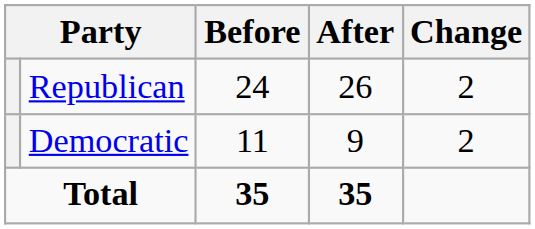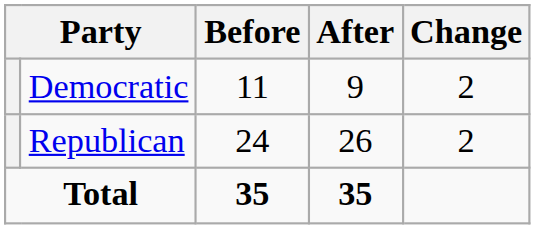 <table class="wikitable" style="text-align:center;">
 <tr>
 <th colspan="2">Party</th>
 <th>Before</th>
 <th>After</th>
 <th>Change</th>
 </tr>
 <tr>
 <th style="background-color:"></th>
-<td style="text-align:left;"><a href='#'>Republican</a></td>
-<td>24</td>
-<td>26</td>
+<td style="text-align:left;"><a href='#'>Democratic</a></td>
+<td>11</td>
+<td>9</td>
 <td> 2</td>
 </tr>
 <tr>
 <th style="background-color:"></th>
-<td style="text-align:left;"><a href='#'>Democratic</a></td>
-<td>11</td>
-<td>9</td>
+<td style="text-align:left;"><a href='#'>Republican</a></td>
+<td>24</td>
+<td>26</td>
 <td> 2</td>
 </tr>
 <tr>
 <td colspan="2"><strong>Total</strong></td>
 <td><strong>35</strong></td>
 <td><strong>35</strong></td>
 <td></td>
 </tr>
 </table>
